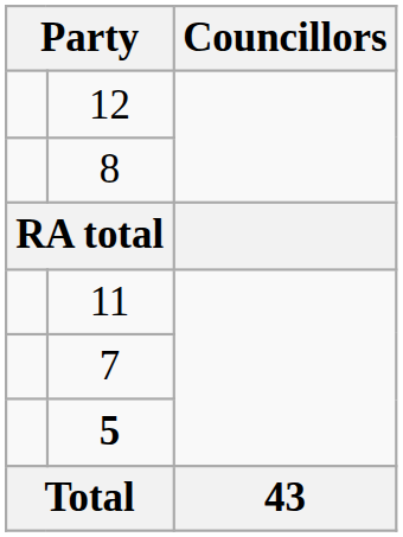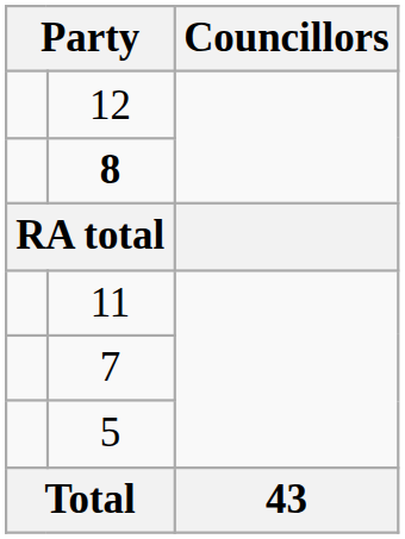 <table class="wikitable">
 <tr>
 <th colspan="2">Party</th>
 <th>Councillors</th>
 </tr>
 <tr>
 <td></td>
 <td align=center>12</td>
 </tr>
 <tr>
 <td></td>
-<td align=center>8</td>
+<td align=center><strong>8</strong></td>
 </tr>
 <tr>
 <th colspan=2>RA total</th>
 <th></th>
 </tr>
 <tr>
 <td></td>
 <td align=center>11</td>
 </tr>
 <tr>
 <td></td>
 <td align=center>7</td>
 </tr>
 <tr>
 <td></td>
-<td align=center><strong>5</strong></td>
+<td align=center>5</td>
 </tr>
 <tr>
 <th colspan=2>Total</th>
 <th align=center>43</th>
 </tr>
 </table>
